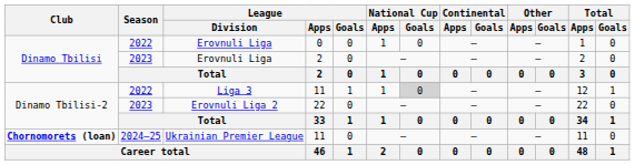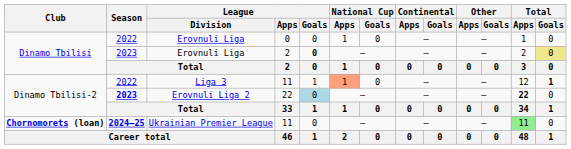 <table class="wikitable" style="text-align: center;">
 <tr>
 <th rowspan="2">Club</th>
 <th rowspan="2">Season</th>
 <th colspan="3">League</th>
 <th colspan="2">National Cup</th>
 <th colspan="2">Continental</th>
 <th colspan="2">Other</th>
 <th colspan="2">Total</th>
 </tr>
 <tr>
 <th>Division</th>
 <th>Apps</th>
 <th>Goals</th>
 <th>Apps</th>
 <th>Goals</th>
 <th>Apps</th>
 <th>Goals</th>
 <th>Apps</th>
 <th>Goals</th>
 <th>Apps</th>
 <th>Goals</th>
 </tr>
 <tr>
 <td rowspan="3"><a href='#'>Dinamo Tbilisi</a></td>
 <td><a href='#'>2022</a></td>
 <td><a href='#'>Erovnuli Liga</a></td>
 <td>0</td>
 <td>0</td>
 <td>1</td>
 <td>0</td>
 <td colspan="2">–</td>
 <td colspan="2">–</td>
 <td>1</td>
 <td>0</td>
 </tr>
 <tr>
 <td><a href='#'>2023</a></td>
 <td>Erovnuli Liga</td>
 <td>2</td>
-<td>0</td>
+<td><strong>0</strong></td>
 <td colspan="2">–</td>
 <td colspan="2">–</td>
 <td colspan="2">–</td>
 <td>2</td>
-<td>0</td>
+<td style="background: khaki;">0</td>
 </tr>
 <tr>
 <th colspan="2">Total</th>
 <th>2</th>
 <th>0</th>
 <th>1</th>
 <th>0</th>
 <th>0</th>
 <th>0</th>
 <th>0</th>
 <th>0</th>
 <th>3</th>
 <th>0</th>
 </tr>
 <tr>
 <td rowspan="3">Dinamo Tbilisi-2</td>
 <td><a href='#'>2022</a></td>
 <td><a href='#'>Liga 3</a></td>
 <td>11</td>
 <td>1</td>
-<td>1</td>
-<td style="background: lightgrey;">0</td>
+<td style="background: lightsalmon;">1</td>
+<td>0</td>
 <td colspan="2">–</td>
 <td colspan="2">–</td>
 <td>12</td>
-<td>1</td>
+<td><strong>1</strong></td>
 </tr>
 <tr>
-<td><a href='#'>2023</a></td>
+<td><strong><a href='#'>2023</a></strong></td>
 <td><a href='#'>Erovnuli Liga 2</a></td>
 <td>22</td>
-<td>0</td>
+<td style="background: lightblue;">0</td>
 <td colspan="2">–</td>
 <td colspan="2">–</td>
 <td colspan="2">–</td>
-<td>22</td>
+<td><strong>22</strong></td>
 <td>0</td>
 </tr>
 <tr>
 <th colspan="2">Total</th>
 <th>33</th>
 <th>1</th>
 <th>1</th>
 <th>0</th>
 <th>0</th>
 <th>0</th>
 <th>0</th>
 <th>0</th>
 <th>34</th>
 <th>1</th>
 </tr>
 <tr>
 <td><strong><a href='#'>Chornomorets</a> (loan)</strong></td>
-<td><a href='#'>2024–25</a></td>
+<td><strong><a href='#'>2024–25</a></strong></td>
 <td><a href='#'>Ukrainian Premier League</a></td>
 <td>11</td>
 <td>0</td>
 <td colspan="2">–</td>
 <td colspan="2">–</td>
 <td colspan="2">–</td>
-<td>11</td>
+<td style="background: lightgreen;">11</td>
 <td>0</td>
 </tr>
 <tr>
 <th colspan="3">Career total</th>
 <th>46</th>
 <th>1</th>
 <th>2</th>
 <th>0</th>
 <th>0</th>
 <th>0</th>
 <th>0</th>
 <th>0</th>
 <th>48</th>
 <th>1</th>
 </tr>
 </table>
